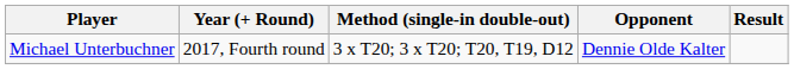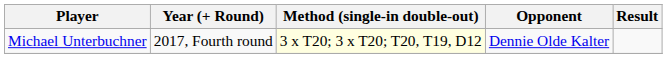 <table class="wikitable sortable">
 <tr>
 <th>Player</th>
 <th>Year (+ Round)</th>
 <th>Method (single-in double-out)</th>
 <th>Opponent</th>
 <th>Result</th>
 </tr>
 <tr>
 <td> <a href='#'>Michael Unterbuchner</a></td>
 <td>2017, Fourth round</td>
-<td>3 x T20; 3 x T20; T20, T19, D12</td>
+<td style="background: lightyellow;">3 x T20; 3 x T20; T20, T19, D12</td>
 <td> <a href='#'>Dennie Olde Kalter</a></td>
 <td></td>
 </tr>
 <tr>
 </tr>
 </table>
